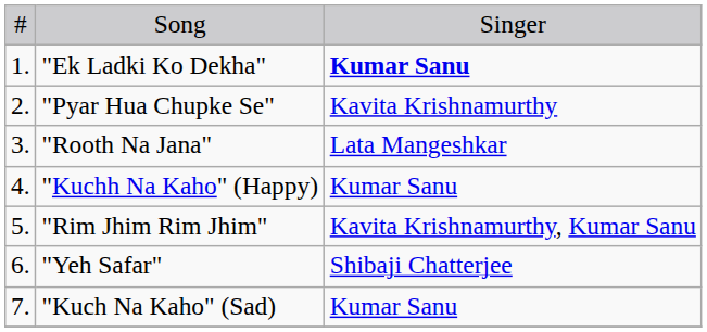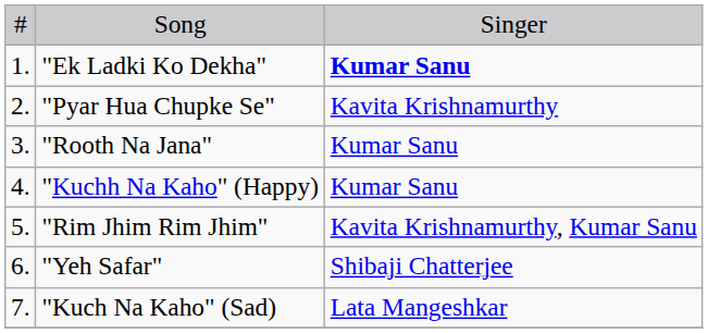 <table class="wikitable sortable">
 <tr style="background:#cccccf; text-align:center;">
 <td>#</td>
 <td>Song</td>
 <td>Singer</td>
 </tr>
 <tr>
 <td>1.</td>
 <td>"Ek Ladki Ko Dekha"</td>
 <td><strong><a href='#'>Kumar Sanu</a></strong></td>
 </tr>
 <tr>
 <td>2.</td>
 <td>"Pyar Hua Chupke Se"</td>
 <td><a href='#'>Kavita Krishnamurthy</a></td>
 </tr>
 <tr>
 <td>3.</td>
 <td>"Rooth Na Jana"</td>
-<td><a href='#'>Lata Mangeshkar</a></td>
+<td><a href='#'>Kumar Sanu</a></td>
 </tr>
 <tr>
 <td>4.</td>
 <td>"<a href='#'>Kuchh Na Kaho</a>" (Happy)</td>
 <td><a href='#'>Kumar Sanu</a></td>
 </tr>
 <tr>
 <td>5.</td>
 <td>"Rim Jhim Rim Jhim"</td>
 <td><a href='#'>Kavita Krishnamurthy</a>, <a href='#'>Kumar Sanu</a></td>
 </tr>
 <tr>
 <td>6.</td>
 <td>"Yeh Safar"</td>
 <td><a href='#'>Shibaji Chatterjee</a></td>
 </tr>
 <tr>
 <td>7.</td>
 <td>"Kuch Na Kaho" (Sad)</td>
-<td><a href='#'>Kumar Sanu</a></td>
+<td><a href='#'>Lata Mangeshkar</a></td>
 </tr>
 <tr>
 </tr>
 </table>
